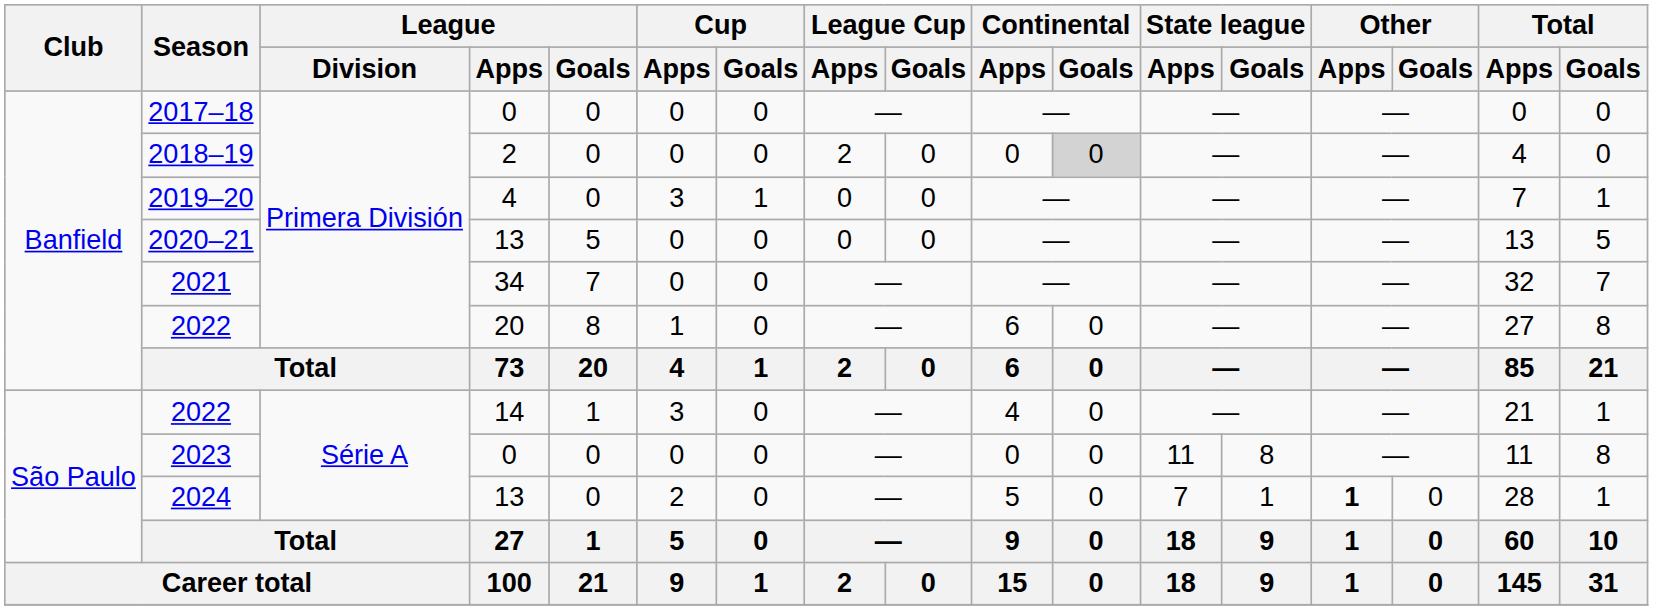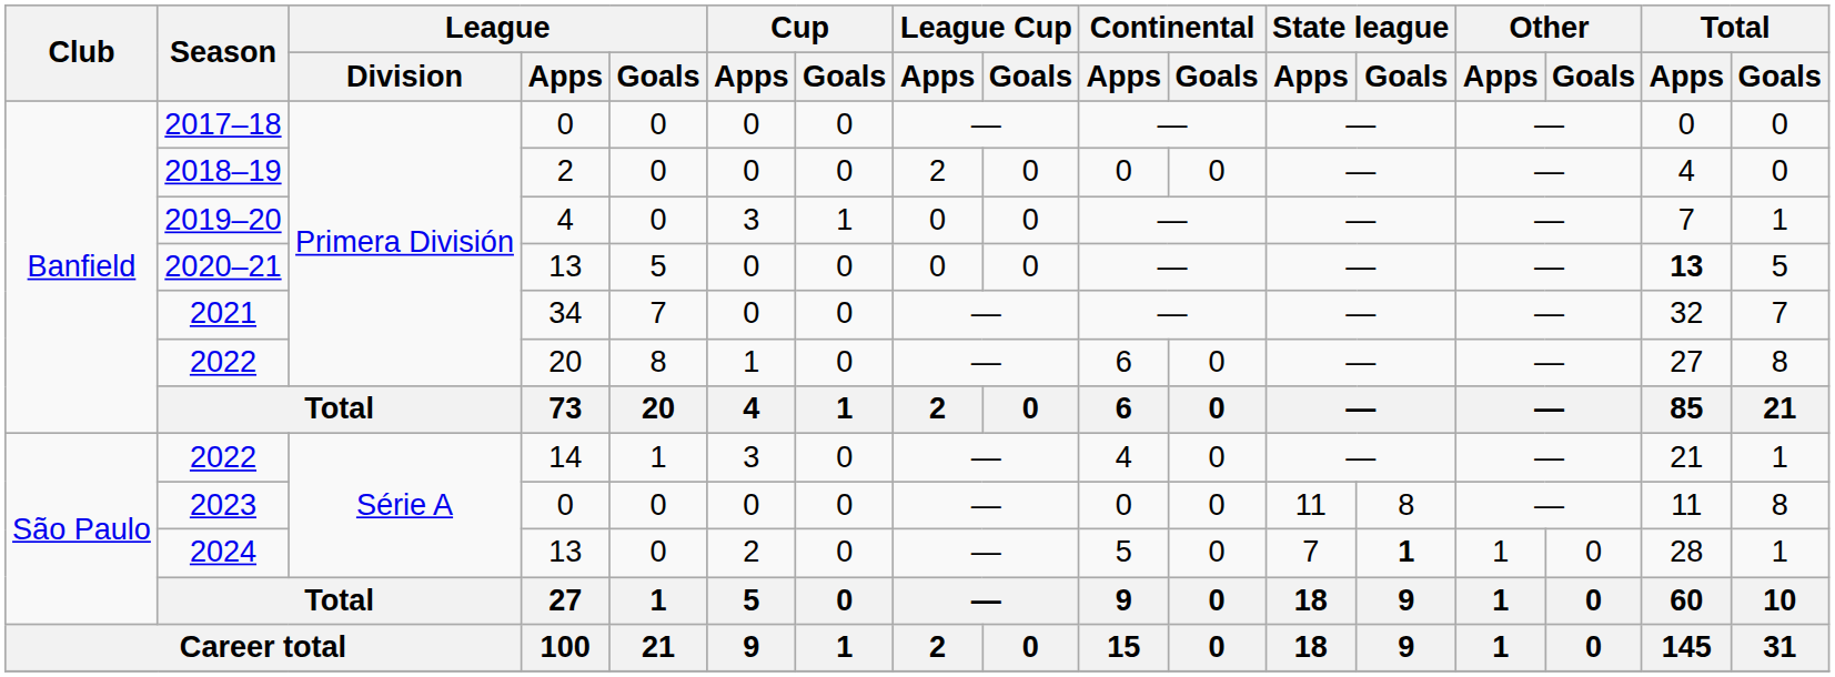 <table class="wikitable" style="text-align:center">
 <tr>
 <th rowspan="2">Club</th>
 <th rowspan="2">Season</th>
 <th colspan="3">League</th>
 <th colspan="2">Cup</th>
 <th colspan="2">League Cup</th>
 <th colspan="2">Continental</th>
 <th colspan="2">State league</th>
 <th colspan="2">Other</th>
 <th colspan="2">Total</th>
 </tr>
 <tr>
 <th>Division</th>
 <th>Apps</th>
 <th>Goals</th>
 <th>Apps</th>
 <th>Goals</th>
 <th>Apps</th>
 <th>Goals</th>
 <th>Apps</th>
 <th>Goals</th>
 <th>Apps</th>
 <th>Goals</th>
 <th>Apps</th>
 <th>Goals</th>
 <th>Apps</th>
 <th>Goals</th>
 </tr>
 <tr>
 <td rowspan="7"><a href='#'>Banfield</a></td>
 <td><a href='#'>2017–18</a></td>
 <td rowspan="6"><a href='#'>Primera División</a></td>
 <td>0</td>
 <td>0</td>
 <td>0</td>
 <td>0</td>
 <td colspan="2">—</td>
 <td colspan="2">—</td>
 <td colspan="2">—</td>
 <td colspan="2">—</td>
 <td>0</td>
 <td>0</td>
 </tr>
 <tr>
 <td><a href='#'>2018–19</a></td>
 <td>2</td>
 <td>0</td>
 <td>0</td>
 <td>0</td>
 <td>2</td>
 <td>0</td>
 <td>0</td>
-<td style="background: lightgrey;">0</td>
+<td>0</td>
 <td colspan="2">—</td>
 <td colspan="2">—</td>
 <td>4</td>
 <td>0</td>
 </tr>
 <tr>
 <td><a href='#'>2019–20</a></td>
 <td>4</td>
 <td>0</td>
 <td>3</td>
 <td>1</td>
 <td>0</td>
 <td>0</td>
 <td colspan="2">—</td>
 <td colspan="2">—</td>
 <td colspan="2">—</td>
 <td>7</td>
 <td>1</td>
 </tr>
 <tr>
 <td><a href='#'>2020–21</a></td>
 <td>13</td>
 <td>5</td>
 <td>0</td>
 <td>0</td>
 <td>0</td>
 <td>0</td>
 <td colspan="2">—</td>
 <td colspan="2">—</td>
 <td colspan="2">—</td>
-<td>13</td>
+<td><strong>13</strong></td>
 <td>5</td>
 </tr>
 <tr>
 <td><a href='#'>2021</a></td>
 <td>34</td>
 <td>7</td>
 <td>0</td>
 <td>0</td>
 <td colspan="2">—</td>
 <td colspan="2">—</td>
 <td colspan="2">—</td>
 <td colspan="2">—</td>
 <td>32</td>
 <td>7</td>
 </tr>
 <tr>
 <td><a href='#'>2022</a></td>
 <td>20</td>
 <td>8</td>
 <td>1</td>
 <td>0</td>
 <td colspan="2">—</td>
 <td>6</td>
 <td>0</td>
 <td colspan="2">—</td>
 <td colspan="2">—</td>
 <td>27</td>
 <td>8</td>
 </tr>
 <tr>
 <th colspan="2">Total</th>
 <th>73</th>
 <th>20</th>
 <th>4</th>
 <th>1</th>
 <th>2</th>
 <th>0</th>
 <th>6</th>
 <th>0</th>
 <th colspan="2">—</th>
 <th colspan="2">—</th>
 <th>85</th>
 <th>21</th>
 </tr>
 <tr>
 <td rowspan="4"><a href='#'>São Paulo</a></td>
 <td><a href='#'>2022</a></td>
 <td rowspan="3"><a href='#'>Série A</a></td>
 <td>14</td>
 <td>1</td>
 <td>3</td>
 <td>0</td>
 <td colspan="2">—</td>
 <td>4</td>
 <td>0</td>
 <td colspan="2">—</td>
 <td colspan="2">—</td>
 <td>21</td>
 <td>1</td>
 </tr>
 <tr>
 <td><a href='#'>2023</a></td>
 <td>0</td>
 <td>0</td>
 <td>0</td>
 <td>0</td>
 <td colspan="2">—</td>
 <td>0</td>
 <td>0</td>
 <td>11</td>
 <td>8</td>
 <td colspan="2">—</td>
 <td>11</td>
 <td>8</td>
 </tr>
 <tr>
 <td><a href='#'>2024</a></td>
 <td>13</td>
 <td>0</td>
 <td>2</td>
 <td>0</td>
 <td colspan="2">—</td>
 <td>5</td>
 <td>0</td>
 <td>7</td>
+<td><strong>1</strong></td>
 <td>1</td>
-<td><strong>1</strong></td>
 <td>0</td>
 <td>28</td>
 <td>1</td>
 </tr>
 <tr>
 <th colspan="2">Total</th>
 <th>27</th>
 <th>1</th>
 <th>5</th>
 <th>0</th>
 <th colspan="2">—</th>
 <th>9</th>
 <th>0</th>
 <th>18</th>
 <th>9</th>
 <th>1</th>
 <th>0</th>
 <th>60</th>
 <th>10</th>
 </tr>
 <tr>
 <th colspan="3">Career total</th>
 <th>100</th>
 <th>21</th>
 <th>9</th>
 <th>1</th>
 <th>2</th>
 <th>0</th>
 <th>15</th>
 <th>0</th>
 <th>18</th>
 <th>9</th>
 <th>1</th>
 <th>0</th>
 <th>145</th>
 <th>31</th>
 </tr>
 <tr>
 </tr>
 </table>
